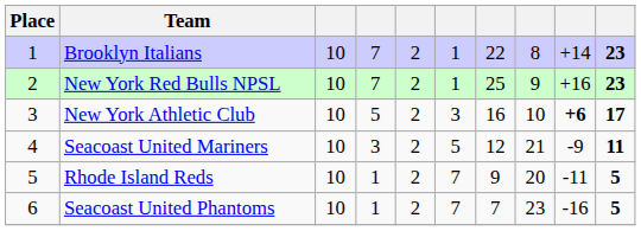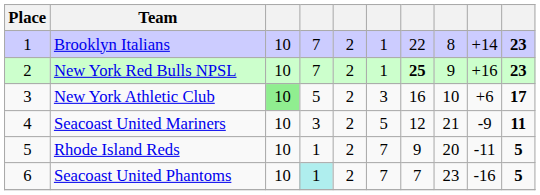 <table class="wikitable" style="text-align: center;">
 <tr>
 <th>Place</th>
 <th width="200">Team</th>
 <th width="25"></th>
 <th width="25"></th>
 <th width="25"></th>
 <th width="25"></th>
 <th width="25"></th>
 <th width="25"></th>
 <th width="25"></th>
 <th width="25"></th>
 </tr>
 <tr bgcolor=#ccccff>
 <td>1</td>
 <td align=left><a href='#'>Brooklyn Italians</a></td>
 <td>10</td>
 <td>7</td>
 <td>2</td>
 <td>1</td>
 <td>22</td>
 <td>8</td>
 <td>+14</td>
 <td><strong>23</strong></td>
 </tr>
 <tr bgcolor=#ccffcc>
 <td>2</td>
 <td align=left><a href='#'>New York Red Bulls NPSL</a></td>
 <td>10</td>
 <td>7</td>
 <td>2</td>
 <td>1</td>
-<td>25</td>
+<td><strong>25</strong></td>
 <td>9</td>
 <td>+16</td>
 <td><strong>23</strong></td>
 </tr>
 <tr>
 <td>3</td>
 <td align=left><a href='#'>New York Athletic Club</a></td>
-<td>10</td>
+<td style="background: lightgreen;">10</td>
 <td>5</td>
 <td>2</td>
 <td>3</td>
 <td>16</td>
 <td>10</td>
-<td><strong>+6</strong></td>
+<td>+6</td>
 <td><strong>17</strong></td>
 </tr>
 <tr>
 <td>4</td>
 <td align=left><a href='#'>Seacoast United Mariners</a></td>
 <td>10</td>
 <td>3</td>
 <td>2</td>
 <td>5</td>
 <td>12</td>
 <td>21</td>
 <td>-9</td>
 <td><strong>11</strong></td>
 </tr>
 <tr>
 <td>5</td>
 <td align=left><a href='#'>Rhode Island Reds</a></td>
 <td>10</td>
 <td>1</td>
 <td>2</td>
 <td>7</td>
 <td>9</td>
 <td>20</td>
 <td>-11</td>
 <td><strong>5</strong></td>
 </tr>
 <tr>
 <td>6</td>
 <td align=left><a href='#'>Seacoast United Phantoms</a></td>
 <td>10</td>
-<td>1</td>
+<td style="background: paleturquoise;">1</td>
 <td>2</td>
 <td>7</td>
 <td>7</td>
 <td>23</td>
 <td>-16</td>
 <td><strong>5</strong></td>
 </tr>
 <tr>
 </tr>
 </table>
